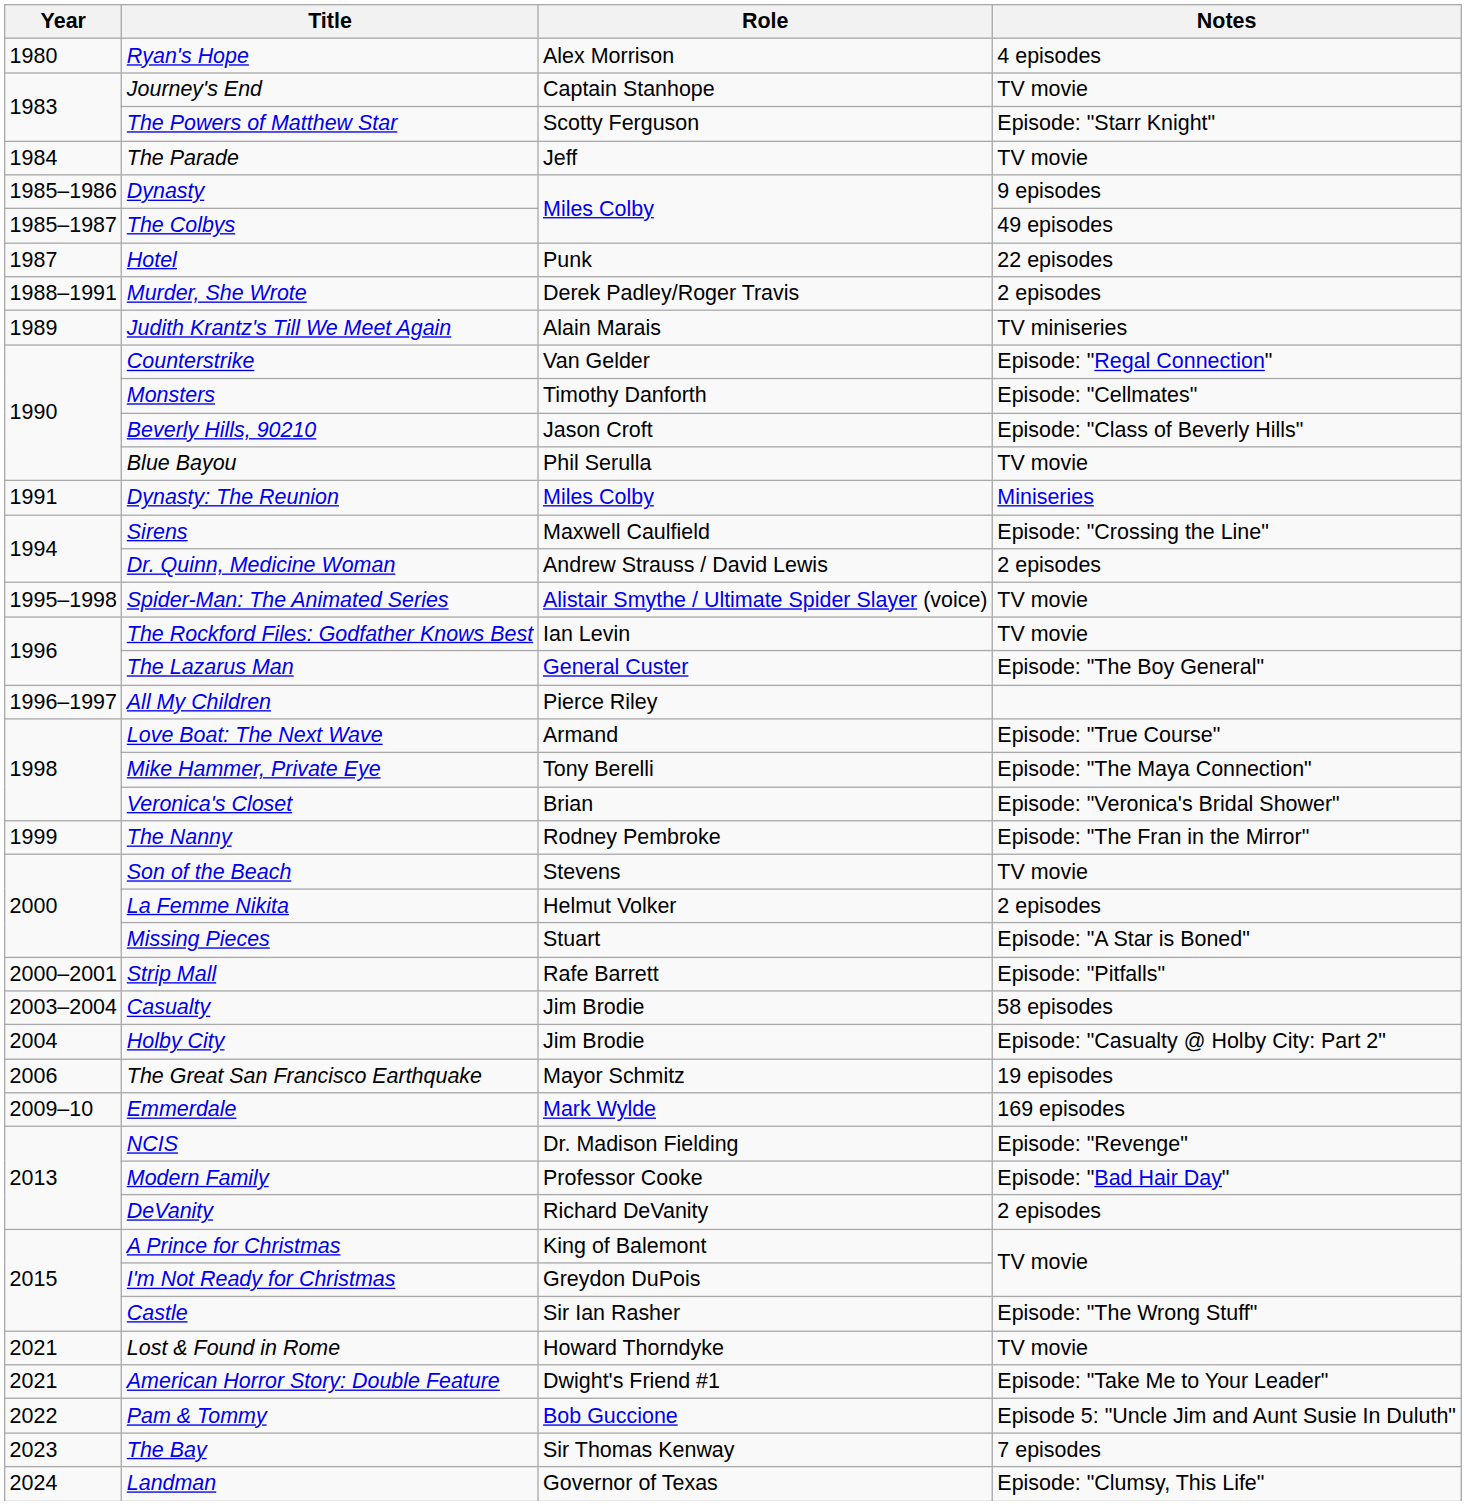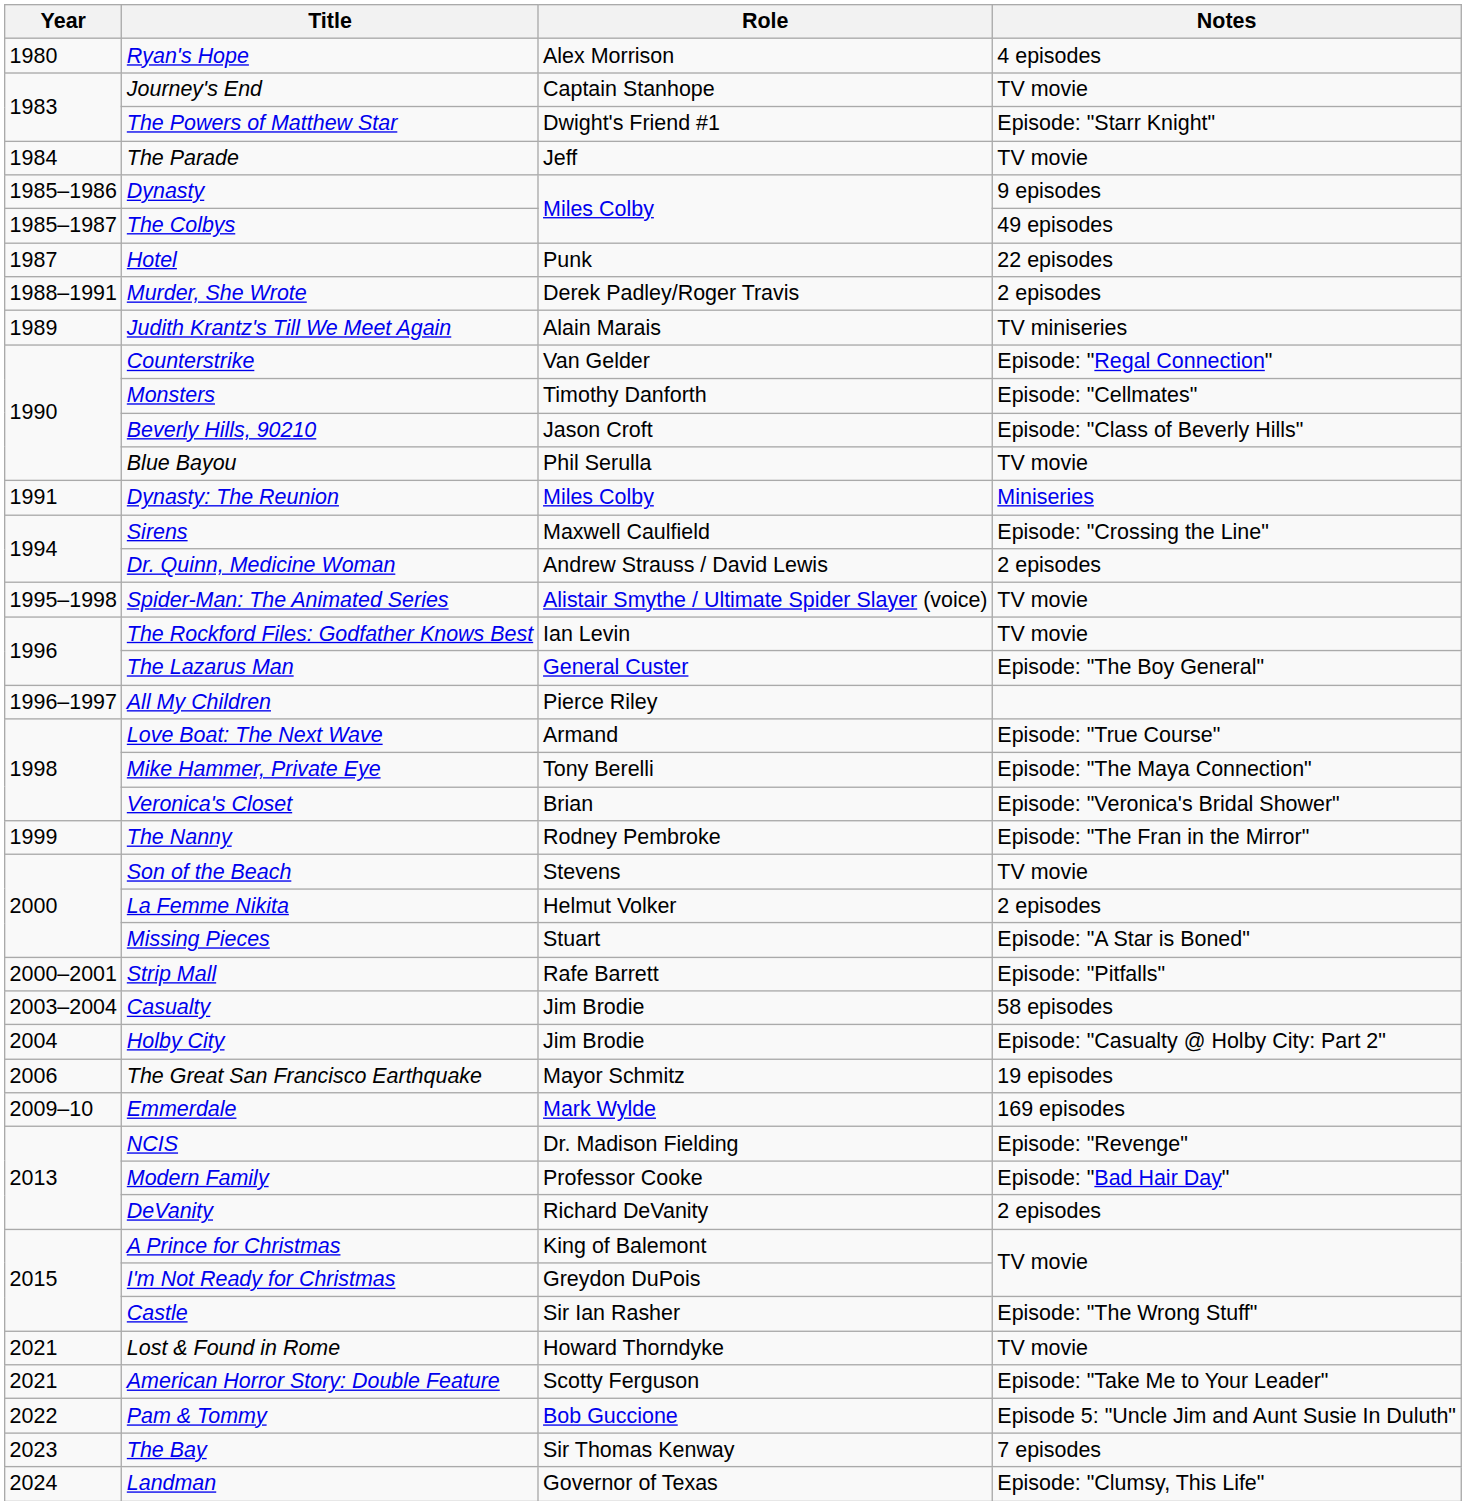 <table class="wikitable sortable">
 <tr>
 <th>Year</th>
 <th>Title</th>
 <th>Role</th>
 <th>Notes</th>
 </tr>
 <tr>
 <td>1980</td>
 <td><em><a href='#'>Ryan's Hope</a></em></td>
 <td>Alex Morrison</td>
 <td>4 episodes</td>
 </tr>
 <tr>
 <td rowspan="2">1983</td>
 <td><em>Journey's End</em></td>
 <td>Captain Stanhope</td>
 <td>TV movie</td>
 </tr>
 <tr>
 <td><em><a href='#'>The Powers of Matthew Star</a></em></td>
-<td>Scotty Ferguson</td>
+<td>Dwight's Friend #1</td>
 <td>Episode: "Starr Knight"</td>
 </tr>
 <tr>
 <td>1984</td>
 <td><em>The Parade</em></td>
 <td>Jeff</td>
 <td>TV movie</td>
 </tr>
 <tr>
 <td>1985–1986</td>
 <td><em><a href='#'>Dynasty</a></em></td>
 <td rowspan="2"><a href='#'>Miles Colby</a></td>
 <td>9 episodes</td>
 </tr>
 <tr>
 <td>1985–1987</td>
 <td><em><a href='#'>The Colbys</a></em></td>
 <td>49 episodes</td>
 </tr>
 <tr>
 <td>1987</td>
 <td><em><a href='#'>Hotel</a></em></td>
 <td>Punk</td>
 <td>22 episodes</td>
 </tr>
 <tr>
 <td>1988–1991</td>
 <td><em><a href='#'>Murder, She Wrote</a></em></td>
 <td>Derek Padley/Roger Travis</td>
 <td>2 episodes</td>
 </tr>
 <tr>
 <td>1989</td>
 <td><em><a href='#'>Judith Krantz's Till We Meet Again</a></em></td>
 <td>Alain Marais</td>
 <td>TV miniseries</td>
 </tr>
 <tr>
 <td rowspan="4">1990</td>
 <td><em><a href='#'>Counterstrike</a></em></td>
 <td>Van Gelder</td>
 <td>Episode: "<a href='#'>Regal Connection</a>"</td>
 </tr>
 <tr>
 <td><em><a href='#'>Monsters</a></em></td>
 <td>Timothy Danforth</td>
 <td>Episode: "Cellmates"</td>
 </tr>
 <tr>
 <td><em><a href='#'>Beverly Hills, 90210</a></em></td>
 <td>Jason Croft</td>
 <td>Episode: "Class of Beverly Hills"</td>
 </tr>
 <tr>
 <td><em>Blue Bayou</em></td>
 <td>Phil Serulla</td>
 <td>TV movie</td>
 </tr>
 <tr>
 <td>1991</td>
 <td><em><a href='#'>Dynasty: The Reunion</a></em></td>
 <td><a href='#'>Miles Colby</a></td>
 <td><a href='#'>Miniseries</a></td>
 </tr>
 <tr>
 <td rowspan="2">1994</td>
 <td><em><a href='#'>Sirens</a></em></td>
 <td>Maxwell Caulfield</td>
 <td>Episode: "Crossing the Line"</td>
 </tr>
 <tr>
 <td><em><a href='#'>Dr. Quinn, Medicine Woman</a></em></td>
 <td>Andrew Strauss / David Lewis</td>
 <td>2 episodes</td>
 </tr>
 <tr>
 <td>1995–1998</td>
 <td><em><a href='#'>Spider-Man: The Animated Series</a></em></td>
 <td><a href='#'>Alistair Smythe / Ultimate Spider Slayer</a> (voice)</td>
 <td>TV movie</td>
 </tr>
 <tr>
 <td rowspan="2">1996</td>
 <td><em><a href='#'>The Rockford Files: Godfather Knows Best</a></em></td>
 <td>Ian Levin</td>
 <td>TV movie</td>
 </tr>
 <tr>
 <td><em><a href='#'>The Lazarus Man</a></em></td>
 <td><a href='#'>General Custer</a></td>
 <td>Episode: "The Boy General"</td>
 </tr>
 <tr>
 <td>1996–1997</td>
 <td><em><a href='#'>All My Children</a></em></td>
 <td>Pierce Riley</td>
 <td></td>
 </tr>
 <tr>
 <td rowspan="3">1998</td>
 <td><em><a href='#'>Love Boat: The Next Wave</a></em></td>
 <td>Armand</td>
 <td>Episode: "True Course"</td>
 </tr>
 <tr>
 <td><em><a href='#'>Mike Hammer, Private Eye</a></em></td>
 <td>Tony Berelli</td>
 <td>Episode: "The Maya Connection"</td>
 </tr>
 <tr>
 <td><em><a href='#'>Veronica's Closet</a></em></td>
 <td>Brian</td>
 <td>Episode: "Veronica's Bridal Shower"</td>
 </tr>
 <tr>
 <td>1999</td>
 <td><em><a href='#'>The Nanny</a></em></td>
 <td>Rodney Pembroke</td>
 <td>Episode: "The Fran in the Mirror"</td>
 </tr>
 <tr>
 <td rowspan="3">2000</td>
 <td><em><a href='#'>Son of the Beach</a></em></td>
 <td>Stevens</td>
 <td>TV movie</td>
 </tr>
 <tr>
 <td><em><a href='#'>La Femme Nikita</a></em></td>
 <td>Helmut Volker</td>
 <td>2 episodes</td>
 </tr>
 <tr>
 <td><em><a href='#'>Missing Pieces</a></em></td>
 <td>Stuart</td>
 <td>Episode: "A Star is Boned"</td>
 </tr>
 <tr>
 <td>2000–2001</td>
 <td><em><a href='#'>Strip Mall</a></em></td>
 <td>Rafe Barrett</td>
 <td>Episode: "Pitfalls"</td>
 </tr>
 <tr>
 <td>2003–2004</td>
 <td><em><a href='#'>Casualty</a></em></td>
 <td>Jim Brodie</td>
 <td>58 episodes</td>
 </tr>
 <tr>
 <td>2004</td>
 <td><em><a href='#'>Holby City</a></em></td>
 <td>Jim Brodie</td>
 <td>Episode: "Casualty @ Holby City: Part 2"</td>
 </tr>
 <tr>
 <td>2006</td>
 <td><em>The Great San Francisco Earthquake</em></td>
 <td>Mayor Schmitz</td>
 <td>19 episodes</td>
 </tr>
 <tr>
 <td>2009–10</td>
 <td><em><a href='#'>Emmerdale</a></em></td>
 <td><a href='#'>Mark Wylde</a></td>
 <td>169 episodes</td>
 </tr>
 <tr>
 <td rowspan="3">2013</td>
 <td><em><a href='#'>NCIS</a></em></td>
 <td>Dr. Madison Fielding</td>
 <td>Episode: "Revenge"</td>
 </tr>
 <tr>
 <td><em><a href='#'>Modern Family</a></em></td>
 <td>Professor Cooke</td>
 <td>Episode: "<a href='#'>Bad Hair Day</a>"</td>
 </tr>
 <tr>
 <td><em><a href='#'>DeVanity</a></em></td>
 <td>Richard DeVanity</td>
 <td>2 episodes</td>
 </tr>
 <tr>
 <td rowspan="3">2015</td>
 <td><em><a href='#'>A Prince for Christmas</a></em></td>
 <td>King of Balemont</td>
 <td rowspan="2">TV movie</td>
 </tr>
 <tr>
 <td><em><a href='#'>I'm Not Ready for Christmas</a></em></td>
 <td>Greydon DuPois</td>
 </tr>
 <tr>
 <td><em><a href='#'>Castle</a></em></td>
 <td>Sir Ian Rasher</td>
 <td>Episode: "The Wrong Stuff"</td>
 </tr>
 <tr>
 <td>2021</td>
 <td><em>Lost & Found in Rome</em></td>
 <td>Howard Thorndyke</td>
 <td>TV movie</td>
 </tr>
 <tr>
 <td>2021</td>
 <td><em><a href='#'>American Horror Story: Double Feature</a></em></td>
-<td>Dwight's Friend #1</td>
+<td>Scotty Ferguson</td>
 <td>Episode: "Take Me to Your Leader"</td>
 </tr>
 <tr>
 <td>2022</td>
 <td><em><a href='#'>Pam & Tommy</a></em></td>
 <td><a href='#'>Bob Guccione</a></td>
 <td>Episode 5: "Uncle Jim and Aunt Susie In Duluth"</td>
 </tr>
 <tr>
 <td>2023</td>
 <td><em><a href='#'>The Bay</a></em></td>
 <td>Sir Thomas Kenway</td>
 <td>7 episodes</td>
 </tr>
 <tr>
 <td>2024</td>
 <td><em><a href='#'>Landman</a></em></td>
 <td>Governor of Texas</td>
 <td>Episode: "Clumsy, This Life"</td>
 </tr>
 </table>
